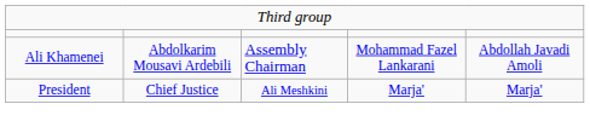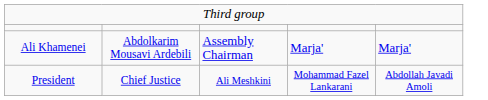 <table class="wikitable">
 <tr>
 <td colspan="8" style="text-align:center; font-size:100%;"><em>Third group</em></td>
 </tr>
 <tr>
 <td></td>
 <td></td>
 <td></td>
 <td></td>
 <td></td>
 </tr>
 <tr>
 <td style="text-align:center; width:8em; font-size:90%;"><a href='#'>Ali Khamenei</a></td>
 <td style="text-align:center; width:8em; font-size:90%;"><a href='#'>Abdolkarim Mousavi Ardebili</a></td>
 <td><a href='#'>Assembly Chairman</a></td>
-<td style="text-align:center; width:8em; font-size:90%;"><a href='#'>Mohammad Fazel Lankarani</a></td>
-<td style="text-align:center; width:8em; font-size:90%;"><a href='#'>Abdollah Javadi Amoli</a></td>
+<td><a href='#'>Marja'</a></td>
+<td><a href='#'>Marja'</a></td>
 </tr>
 <tr style="text-align:center; font-size:90%">
 <td><a href='#'>President</a></td>
 <td><a href='#'>Chief Justice</a></td>
 <td style="text-align:center; width:8em; font-size:90%;"><a href='#'>Ali Meshkini</a></td>
-<td><a href='#'>Marja'</a></td>
-<td><a href='#'>Marja'</a></td>
+<td style="text-align:center; width:8em; font-size:90%;"><a href='#'>Mohammad Fazel Lankarani</a></td>
+<td style="text-align:center; width:8em; font-size:90%;"><a href='#'>Abdollah Javadi Amoli</a></td>
 </tr>
 </table>
